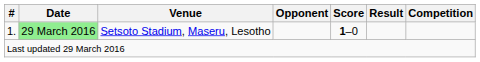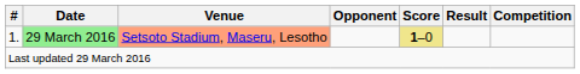 <table class="wikitable" style="font-size:95%">
 <tr>
 <th>#</th>
 <th>Date</th>
 <th>Venue</th>
 <th>Opponent</th>
 <th>Score</th>
 <th>Result</th>
 <th>Competition</th>
 </tr>
 <tr>
 <td>1.</td>
 <td style="background: lightgreen;">29 March 2016</td>
-<td><a href='#'>Setsoto Stadium</a>, <a href='#'>Maseru</a>, Lesotho</td>
+<td style="background: lightsalmon;"><a href='#'>Setsoto Stadium</a>, <a href='#'>Maseru</a>, Lesotho</td>
 <td></td>
-<td align=center><strong>1</strong>–0</td>
+<td align=center style="background: khaki;"><strong>1</strong>–0</td>
 <td></td>
 <td></td>
 </tr>
 <tr>
 <td colspan="7"><small>Last updated 29 March 2016</small></td>
 </tr>
 </table>
